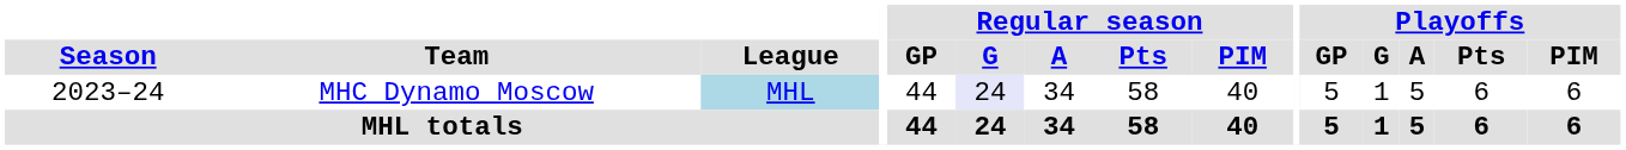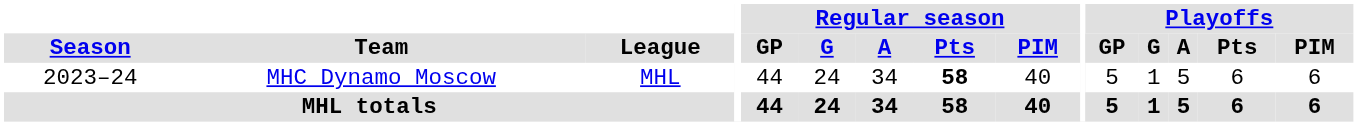 <table border="0" cellpadding="1" cellspacing="0" style="text-align:center; width:60em;">
 <tr bgcolor="#e0e0e0">
 <th colspan="3" bgcolor="#ffffff"></th>
 <th rowspan="94" bgcolor="#ffffff"></th>
 <th colspan="5"><a href='#'>Regular season</a></th>
 <th rowspan="94" bgcolor="#ffffff"></th>
 <th colspan="5"><a href='#'>Playoffs</a></th>
 </tr>
 <tr bgcolor="#e0e0e0">
 <th><a href='#'>Season</a></th>
 <th>Team</th>
 <th>League</th>
 <th>GP</th>
 <th><a href='#'>G</a></th>
 <th><a href='#'>A</a></th>
 <th><a href='#'>Pts</a></th>
 <th><a href='#'>PIM</a></th>
 <th>GP</th>
 <th>G</th>
 <th>A</th>
 <th>Pts</th>
 <th>PIM</th>
 </tr>
 <tr>
 <td>2023–24</td>
 <td><a href='#'>MHC Dynamo Moscow</a></td>
-<td style="background: lightblue;"><a href='#'>MHL</a></td>
+<td><a href='#'>MHL</a></td>
 <td>44</td>
-<td style="background: lavender;">24</td>
+<td>24</td>
 <td>34</td>
-<td>58</td>
+<td><strong>58</strong></td>
 <td>40</td>
 <td>5</td>
 <td>1</td>
 <td>5</td>
 <td>6</td>
 <td>6</td>
 </tr>
 <tr bgcolor="#e0e0e0">
 <th colspan="3">MHL totals</th>
 <th>44</th>
 <th>24</th>
 <th>34</th>
 <th>58</th>
 <th>40</th>
 <th>5</th>
 <th>1</th>
 <th>5</th>
 <th>6</th>
 <th>6</th>
 </tr>
 </table>
